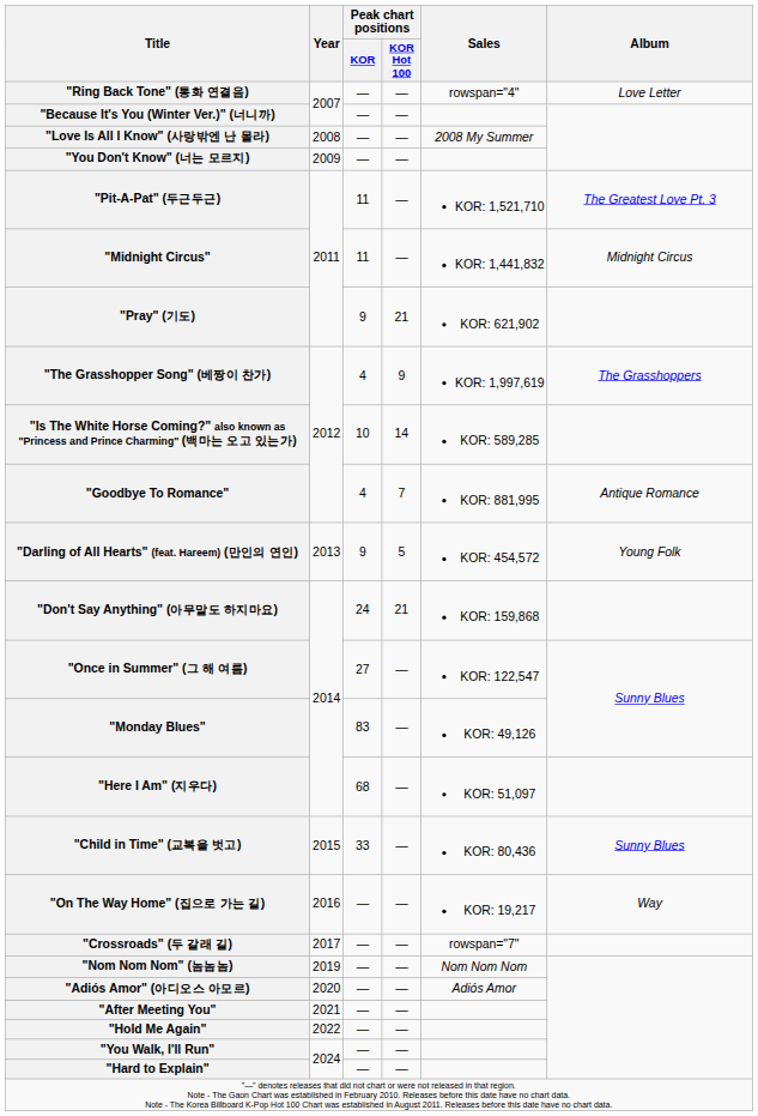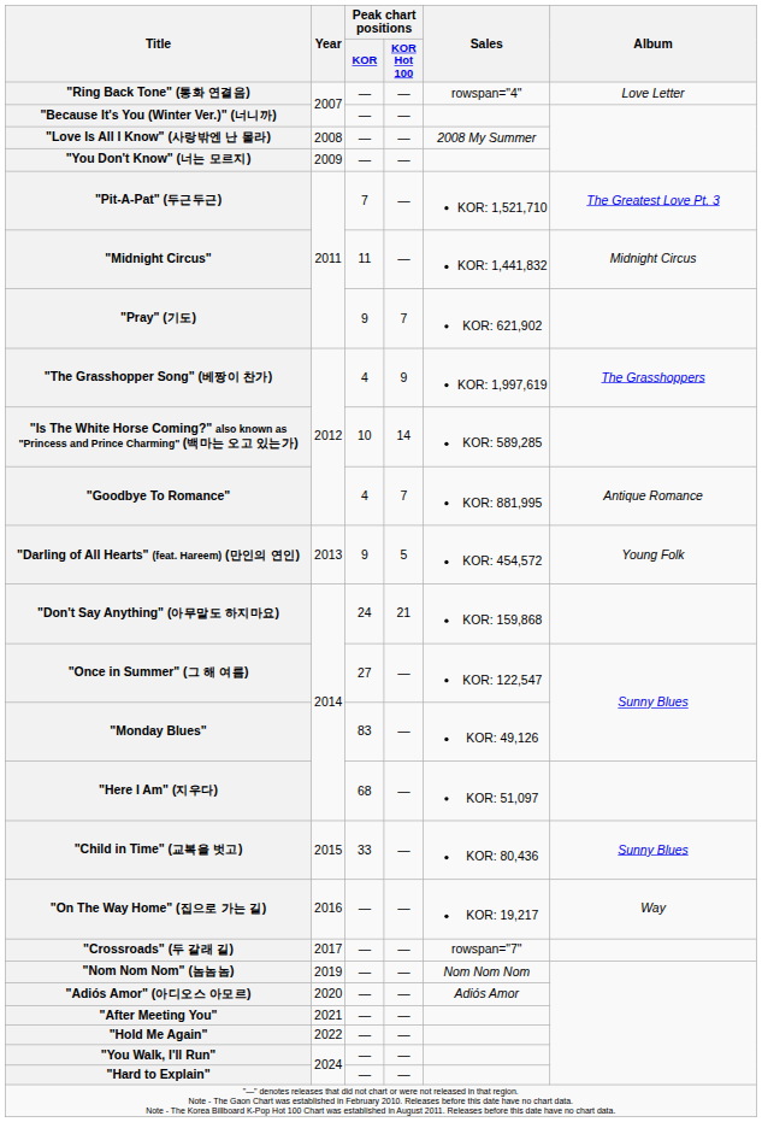 <table class="wikitable plainrowheaders" style="text-align:center;">
 <tr>
 <th scope="col" rowspan="2" style="width:24em;">Title</th>
 <th scope="col" rowspan="2">Year</th>
 <th scope="col" colspan="2">Peak chart positions</th>
 <th scope="col" rowspan="2">Sales</th>
 <th scope="col" rowspan="2" style="width:16em;">Album</th>
 </tr>
 <tr>
 <th scope="col" style="width:3em;font-size:90%;"><a href='#'>KOR</a><br></th>
 <th scope="col" style="width:3em;font-size:90%;"><a href='#'>KOR<br>Hot 100</a><br></th>
 </tr>
 <tr>
 <th scope="row">"Ring Back Tone" (통화 연결음)</th>
 <td rowspan="2">2007</td>
 <td>—</td>
 <td>—</td>
 <td>rowspan="4" </td>
 <td><em>Love Letter</em></td>
 </tr>
 <tr>
 <th scope="row">"Because It's You (Winter Ver.)" (너니까)</th>
 <td>—</td>
 <td>—</td>
 <td></td>
 </tr>
 <tr>
 <th scope="row">"Love Is All I Know" (사랑밖엔 난 몰라)</th>
 <td>2008</td>
 <td>—</td>
 <td>—</td>
 <td><em>2008 My Summer</em></td>
 </tr>
 <tr>
 <th scope="row">"You Don't Know" (너는 모르지)</th>
 <td>2009</td>
 <td>—</td>
 <td>—</td>
 <td></td>
 </tr>
 <tr>
 <th scope="row">"Pit-A-Pat" (두근두근)</th>
 <td rowspan="3">2011</td>
-<td>11</td>
+<td>7</td>
 <td>—</td>
 <td><br><ul><li>KOR: 1,521,710</li></ul></td>
 <td><em> <a href='#'>The Greatest Love Pt. 3</a></em></td>
 </tr>
 <tr>
 <th scope="row">"Midnight Circus"</th>
 <td>11</td>
 <td>—</td>
 <td><br><ul><li>KOR: 1,441,832</li></ul></td>
 <td><em>Midnight Circus</em></td>
 </tr>
 <tr>
 <th scope="row">"Pray" (기도)</th>
 <td>9</td>
-<td>21</td>
+<td>7</td>
 <td><br><ul><li>KOR: 621,902</li></ul></td>
 <td></td>
 </tr>
 <tr>
 <th scope="row">"The Grasshopper Song" (베짱이 찬가)</th>
 <td rowspan="3">2012</td>
 <td>4</td>
 <td>9</td>
 <td><br><ul><li>KOR: 1,997,619</li></ul></td>
 <td><em><a href='#'>The Grasshoppers</a></em></td>
 </tr>
 <tr>
 <th scope="row">"Is The White Horse Coming?" <small>also known as "Princess and Prince Charming" </small>(백마는 오고 있는가)</th>
 <td>10</td>
 <td>14</td>
 <td><br><ul><li>KOR: 589,285</li></ul></td>
 <td></td>
 </tr>
 <tr>
 <th scope="row">"Goodbye To Romance"</th>
 <td>4</td>
 <td>7</td>
 <td><br><ul><li>KOR: 881,995</li></ul></td>
 <td><em>Antique Romance</em></td>
 </tr>
 <tr>
 <th scope="row">"Darling of All Hearts" <small>(feat. Hareem)</small> (만인의 연인)</th>
 <td>2013</td>
 <td>9</td>
 <td>5</td>
 <td><br><ul><li>KOR: 454,572</li></ul></td>
 <td><em>Young Folk</em></td>
 </tr>
 <tr>
 <th scope="row">"Don't Say Anything" (아무말도 하지마요)</th>
 <td rowspan="4">2014</td>
 <td>24</td>
 <td>21</td>
 <td><br><ul><li>KOR: 159,868</li></ul></td>
 <td></td>
 </tr>
 <tr>
 <th scope="row">"Once in Summer" (그 해 여름)</th>
 <td>27</td>
 <td>—</td>
 <td><br><ul><li>KOR: 122,547</li></ul></td>
 <td rowspan="2"><em><a href='#'>Sunny Blues</a></em></td>
 </tr>
 <tr>
 <th scope="row">"Monday Blues"</th>
 <td>83</td>
 <td>—</td>
 <td><br><ul><li>KOR: 49,126</li></ul></td>
 </tr>
 <tr>
 <th scope="row">"Here I Am" (지우다)</th>
 <td>68</td>
 <td>—</td>
 <td><br><ul><li>KOR: 51,097</li></ul></td>
 <td></td>
 </tr>
 <tr>
 <th scope="row">"Child in Time" (교복을 벗고)</th>
 <td>2015</td>
 <td>33</td>
 <td>—</td>
 <td><br><ul><li>KOR: 80,436</li></ul></td>
 <td><em><a href='#'>Sunny Blues</a></em></td>
 </tr>
 <tr>
 <th scope="row">"On The Way Home" (집으로 가는 길)</th>
 <td>2016</td>
 <td>—</td>
 <td>—</td>
 <td><br><ul><li>KOR: 19,217</li></ul></td>
 <td><em>Way</em></td>
 </tr>
 <tr>
 <th scope="row">"Crossroads" (두 갈래 길)</th>
 <td>2017</td>
 <td>—</td>
 <td>—</td>
 <td>rowspan="7" </td>
 <td></td>
 </tr>
 <tr>
 <th scope="row">"Nom Nom Nom" (놈놈놈)</th>
 <td>2019</td>
 <td>—</td>
 <td>—</td>
 <td><em>Nom Nom Nom</em></td>
 </tr>
 <tr>
 <th scope="row">"Adiós Amor" (아디오스 아모르)</th>
 <td>2020</td>
 <td>—</td>
 <td>—</td>
 <td><em>Adiós Amor</em></td>
 </tr>
 <tr>
 <th scope="row">"After Meeting You"</th>
 <td>2021</td>
 <td>—</td>
 <td>—</td>
 <td></td>
 </tr>
 <tr>
 <th scope="row">"Hold Me Again"</th>
 <td>2022</td>
 <td>—</td>
 <td>—</td>
 <td></td>
 </tr>
 <tr>
 <th scope="row">"You Walk, I'll Run"</th>
 <td rowspan="2">2024</td>
 <td>—</td>
 <td>—</td>
 <td></td>
 </tr>
 <tr>
 <th scope="row">"Hard to Explain"</th>
 <td>—</td>
 <td>—</td>
 <td></td>
 </tr>
 <tr>
 <td colspan="6" style="font-size:8pt;">"—" denotes releases that did not chart or were not released in that region.<br>Note - The Gaon Chart was established in February 2010.  Releases before this date have no chart data.<br>Note - The Korea Billboard K-Pop Hot 100 Chart was established in August 2011.  Releases before this date have no chart data.</td>
 </tr>
 </table>
